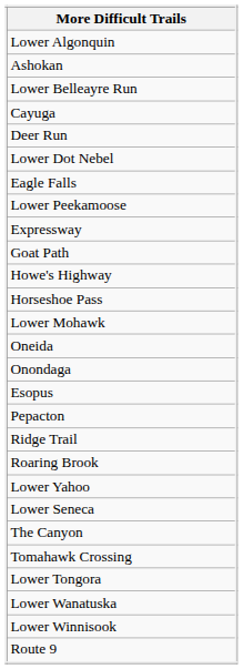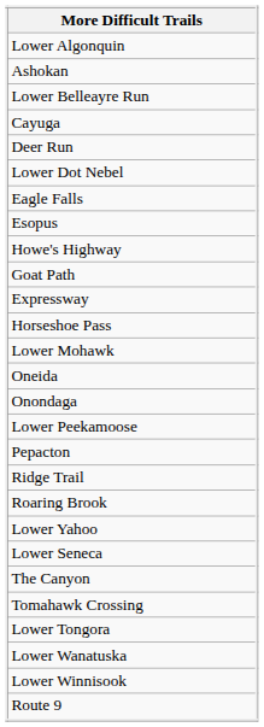 <table class="wikitable" style="margin:10px; float:left; border: inset; border-collapse:collapse;" border="2" width="20%">
 <tr>
 <th>More Difficult Trails </th>
 </tr>
 <tr>
 <td>Lower Algonquin</td>
 </tr>
 <tr>
 <td>Ashokan</td>
 </tr>
 <tr>
 <td>Lower Belleayre Run</td>
 </tr>
 <tr>
 <td>Cayuga</td>
 </tr>
 <tr>
 <td>Deer Run</td>
 </tr>
 <tr>
 <td>Lower Dot Nebel</td>
 </tr>
 <tr>
 <td>Eagle Falls</td>
 </tr>
 <tr>
-<td>Lower Peekamoose</td>
+<td>Esopus</td>
 </tr>
 <tr>
-<td>Expressway</td>
+<td>Howe's Highway</td>
 </tr>
 <tr>
 <td>Goat Path</td>
 </tr>
 <tr>
-<td>Howe's Highway</td>
+<td>Expressway</td>
 </tr>
 <tr>
 <td>Horseshoe Pass</td>
 </tr>
 <tr>
 <td>Lower Mohawk</td>
 </tr>
 <tr>
 <td>Oneida</td>
 </tr>
 <tr>
 <td>Onondaga</td>
 </tr>
 <tr>
-<td>Esopus</td>
+<td>Lower Peekamoose</td>
 </tr>
 <tr>
 <td>Pepacton</td>
 </tr>
 <tr>
 <td>Ridge Trail</td>
 </tr>
 <tr>
 <td>Roaring Brook</td>
 </tr>
 <tr>
 <td>Lower Yahoo</td>
 </tr>
 <tr>
 <td>Lower Seneca</td>
 </tr>
 <tr>
 <td>The Canyon</td>
 </tr>
 <tr>
 <td>Tomahawk Crossing</td>
 </tr>
 <tr>
 <td>Lower Tongora</td>
 </tr>
 <tr>
 <td>Lower Wanatuska</td>
 </tr>
 <tr>
 <td>Lower Winnisook</td>
 </tr>
 <tr>
 <td>Route 9</td>
 </tr>
 </table>
